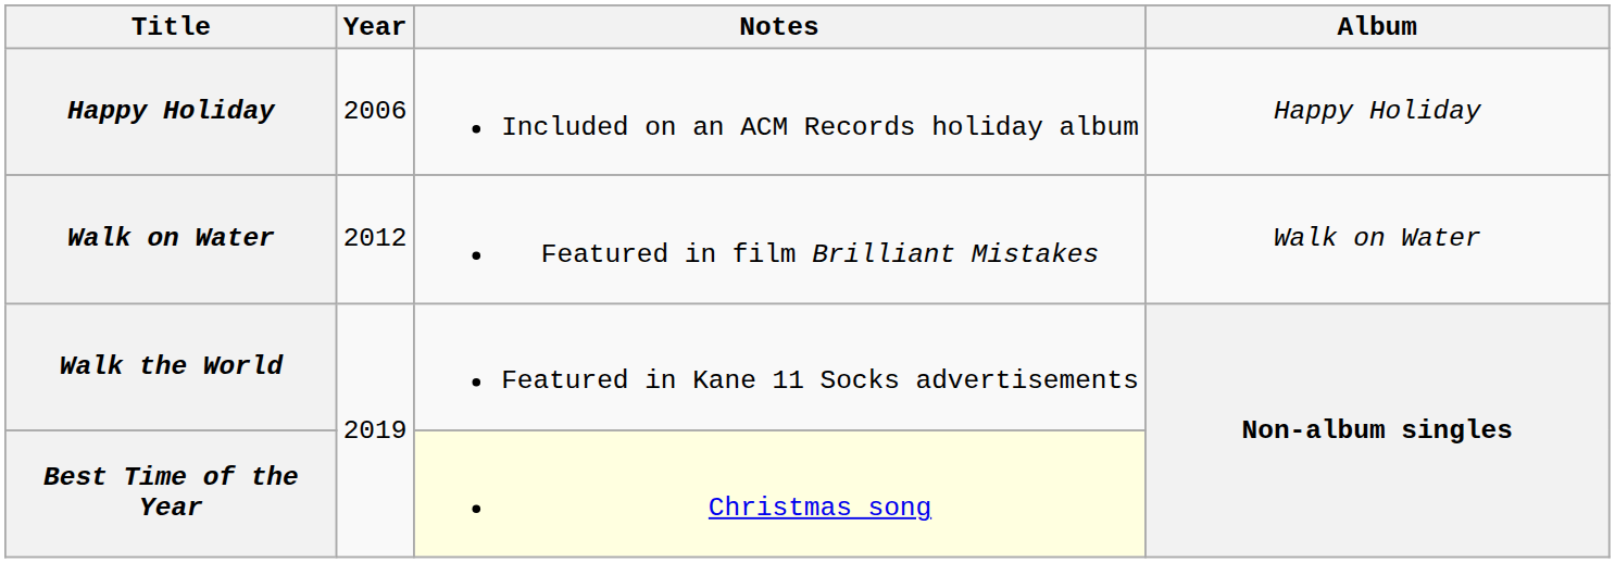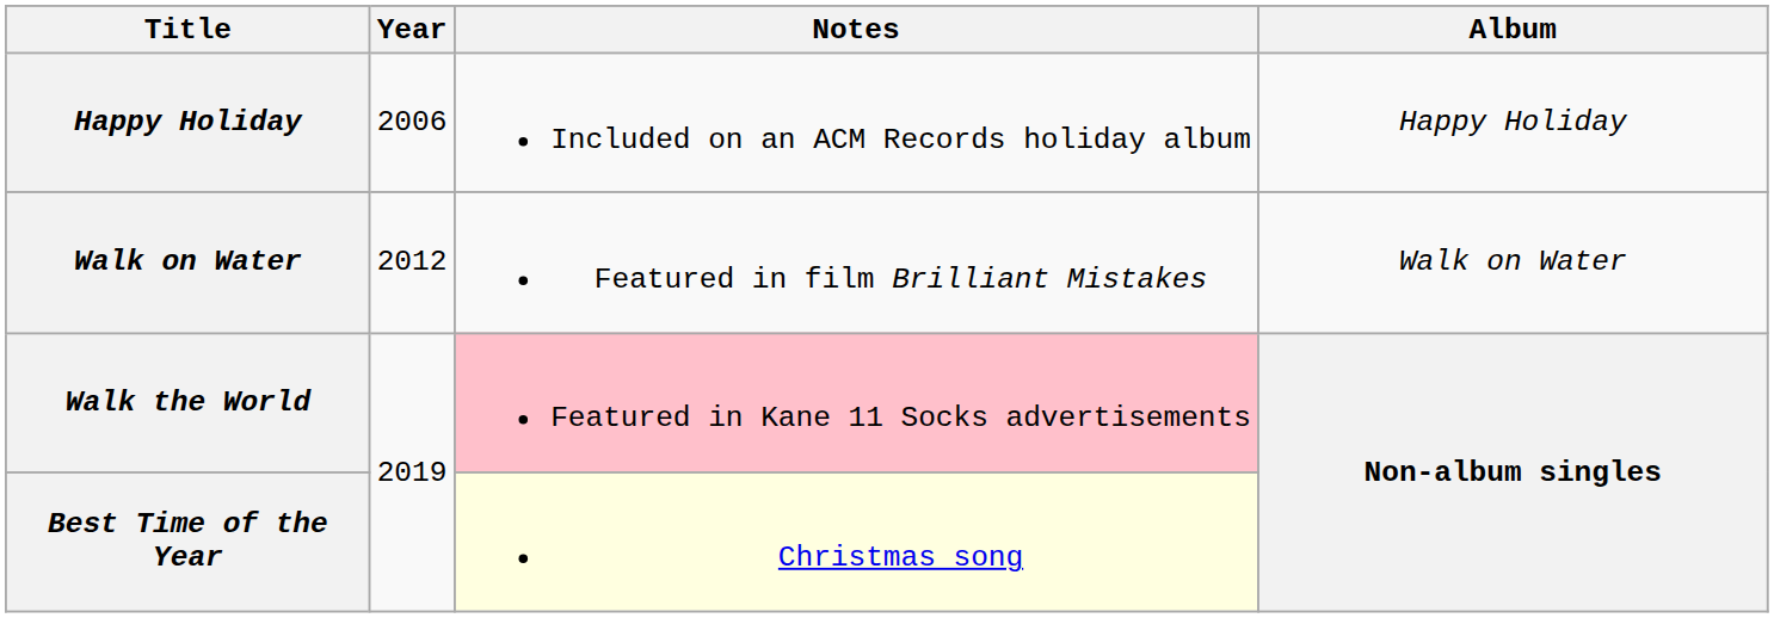 <table class="wikitable plainrowheaders" style="text-align:center;">
 <tr>
 <th scope="col" style="width:12em;">Title</th>
 <th>Year</th>
 <th>Notes</th>
 <th scope="col" style="width:17em;">Album</th>
 </tr>
 <tr>
 <th scope="row"><em>Happy Holiday</em></th>
 <td>2006</td>
 <td><br><ul><li>Included on an ACM Records holiday album</li></ul></td>
 <td><em>Happy Holiday</em></td>
 </tr>
 <tr>
 <th scope="row"><em>Walk on Water</em></th>
 <td>2012</td>
 <td><br><ul><li>Featured in film <em>Brilliant Mistakes</em></li></ul></td>
 <td><em>Walk on Water</em></td>
 </tr>
 <tr>
 <th scope="row"><em>Walk the World</em></th>
 <td rowspan="2">2019</td>
-<td><br><ul><li>Featured in Kane 11 Socks advertisements</li></ul></td>
+<td style="background: pink;"><br><ul><li>Featured in Kane 11 Socks advertisements</li></ul></td>
 <th rowspan="2">Non-album singles</th>
 </tr>
 <tr>
 <th scope="row"><em>Best Time of the Year</em></th>
 <td style="background: lightyellow;"><br><ul><li><a href='#'>Christmas song</a></li></ul></td>
 </tr>
 </table>
